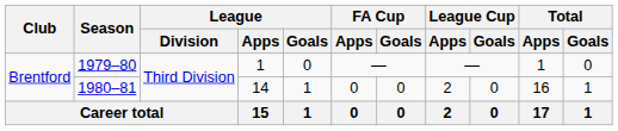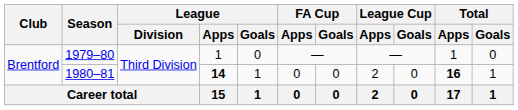 <table class="wikitable" style="text-align: center;">
 <tr>
 <th rowspan="2">Club</th>
 <th rowspan="2">Season</th>
 <th colspan="3">League</th>
 <th colspan="2">FA Cup</th>
 <th colspan="2">League Cup</th>
 <th colspan="2">Total</th>
 </tr>
 <tr>
 <th>Division</th>
 <th>Apps</th>
 <th>Goals</th>
 <th>Apps</th>
 <th>Goals</th>
 <th>Apps</th>
 <th>Goals</th>
 <th>Apps</th>
 <th>Goals</th>
 </tr>
 <tr>
 <td rowspan="2"><a href='#'>Brentford</a></td>
 <td><a href='#'>1979–80</a></td>
 <td rowspan="2"><a href='#'>Third Division</a></td>
 <td>1</td>
 <td>0</td>
 <td colspan="2">—</td>
 <td colspan="2">—</td>
 <td>1</td>
 <td>0</td>
 </tr>
 <tr>
 <td><a href='#'>1980–81</a></td>
-<td>14</td>
+<td><strong>14</strong></td>
 <td>1</td>
 <td>0</td>
 <td>0</td>
 <td>2</td>
 <td>0</td>
-<td>16</td>
+<td><strong>16</strong></td>
 <td>1</td>
 </tr>
 <tr>
 <th colspan="3">Career total</th>
 <th>15</th>
 <th>1</th>
 <th>0</th>
 <th>0</th>
 <th>2</th>
 <th>0</th>
 <th>17</th>
 <th>1</th>
 </tr>
 </table>
